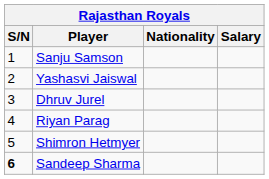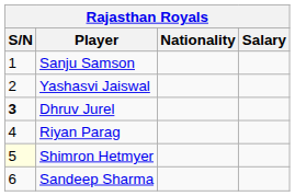 <table class="wikitable" style="font-size:95%;">
 <tr>
 <th scope="colgroup" colspan="4" style="background:#"><a href='#'><span>Rajasthan Royals</span></a></th>
 </tr>
 <tr>
 <th scope="col">S/N</th>
 <th scope="col">Player</th>
 <th scope="col">Nationality</th>
 <th scope="col">Salary</th>
 </tr>
 <tr>
 <td>1</td>
 <td><a href='#'>Sanju Samson</a></td>
 <td></td>
 <td></td>
 </tr>
 <tr>
 <td>2</td>
 <td><a href='#'>Yashasvi Jaiswal</a></td>
 <td></td>
 <td></td>
 </tr>
 <tr>
-<td>3</td>
+<td><strong>3</strong></td>
 <td><a href='#'>Dhruv Jurel</a></td>
 <td></td>
 <td></td>
 </tr>
 <tr>
 <td>4</td>
 <td><a href='#'>Riyan Parag</a></td>
 <td></td>
 <td></td>
 </tr>
 <tr>
-<td>5</td>
+<td style="background: lightyellow;">5</td>
 <td><a href='#'>Shimron Hetmyer</a></td>
 <td></td>
 <td></td>
 </tr>
 <tr>
-<td><strong>6</strong></td>
+<td>6</td>
 <td><a href='#'>Sandeep Sharma</a></td>
 <td></td>
 <td></td>
 </tr>
 </table>
